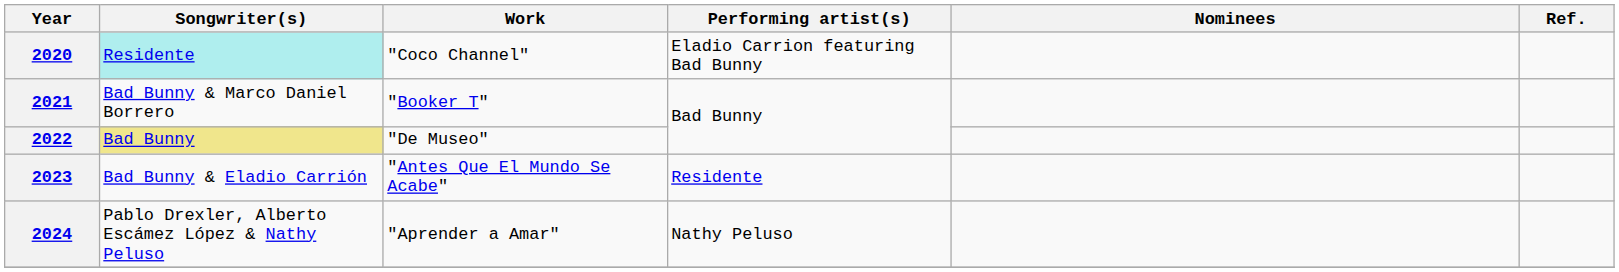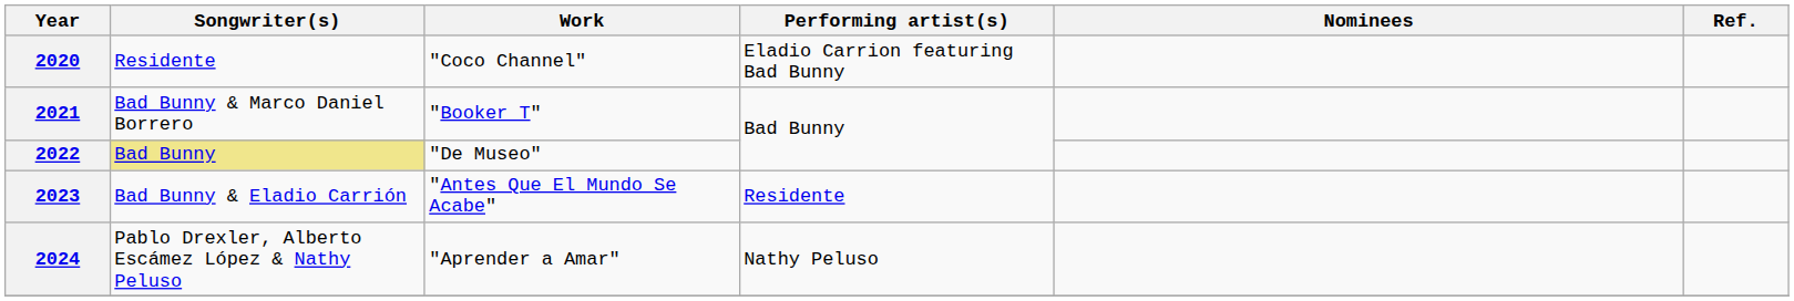 <table class="wikitable plainrowheaders sortable" style="width:98%">
 <tr>
 <th scope="col" width="5%">Year</th>
 <th scope="col" width="15%">Songwriter(s)</th>
 <th scope="col" width="15%">Work</th>
 <th scope="col" width="15%">Performing artist(s)</th>
 <th scope="col" class="unsortable" width="30%">Nominees</th>
 <th scope="col" class="unsortable" width="5%">Ref.</th>
 </tr>
 <tr>
 <th align="center"><a href='#'>2020</a></th>
-<td style="background: paleturquoise;"><a href='#'>Residente</a></td>
+<td><a href='#'>Residente</a></td>
 <td>"Coco Channel"</td>
 <td>Eladio Carrion featuring Bad Bunny</td>
 <td></td>
 <td></td>
 </tr>
 <tr>
 <th align="center"><a href='#'>2021</a></th>
 <td><a href='#'>Bad Bunny</a> & Marco Daniel Borrero</td>
 <td>"<a href='#'>Booker T</a>"</td>
 <td rowspan=2>Bad Bunny</td>
 <td></td>
 <td></td>
 </tr>
 <tr>
 <th style="text-align:center;" scope="row"><a href='#'><strong>2022</strong></a></th>
 <td style="background: khaki;"><a href='#'>Bad Bunny</a></td>
 <td>"De Museo"</td>
 <td></td>
 <td></td>
 </tr>
 <tr>
 <th style="text-align:center;" scope="row"><a href='#'><strong>2023</strong></a></th>
 <td><a href='#'>Bad Bunny</a> & <a href='#'>Eladio Carrión</a></td>
 <td>"<a href='#'>Antes Que El Mundo Se Acabe</a>"</td>
 <td><a href='#'>Residente</a></td>
 <td></td>
 <td style="text-align:center;"></td>
 </tr>
 <tr>
 <th style="text-align:center;" scope="row"><a href='#'><strong>2024</strong></a></th>
 <td>Pablo Drexler, Alberto Escámez López & <a href='#'>Nathy Peluso</a></td>
 <td>"Aprender a Amar"</td>
 <td>Nathy Peluso</td>
 <td></td>
 <td align="center"></td>
 </tr>
 <tr>
 </tr>
 </table>
